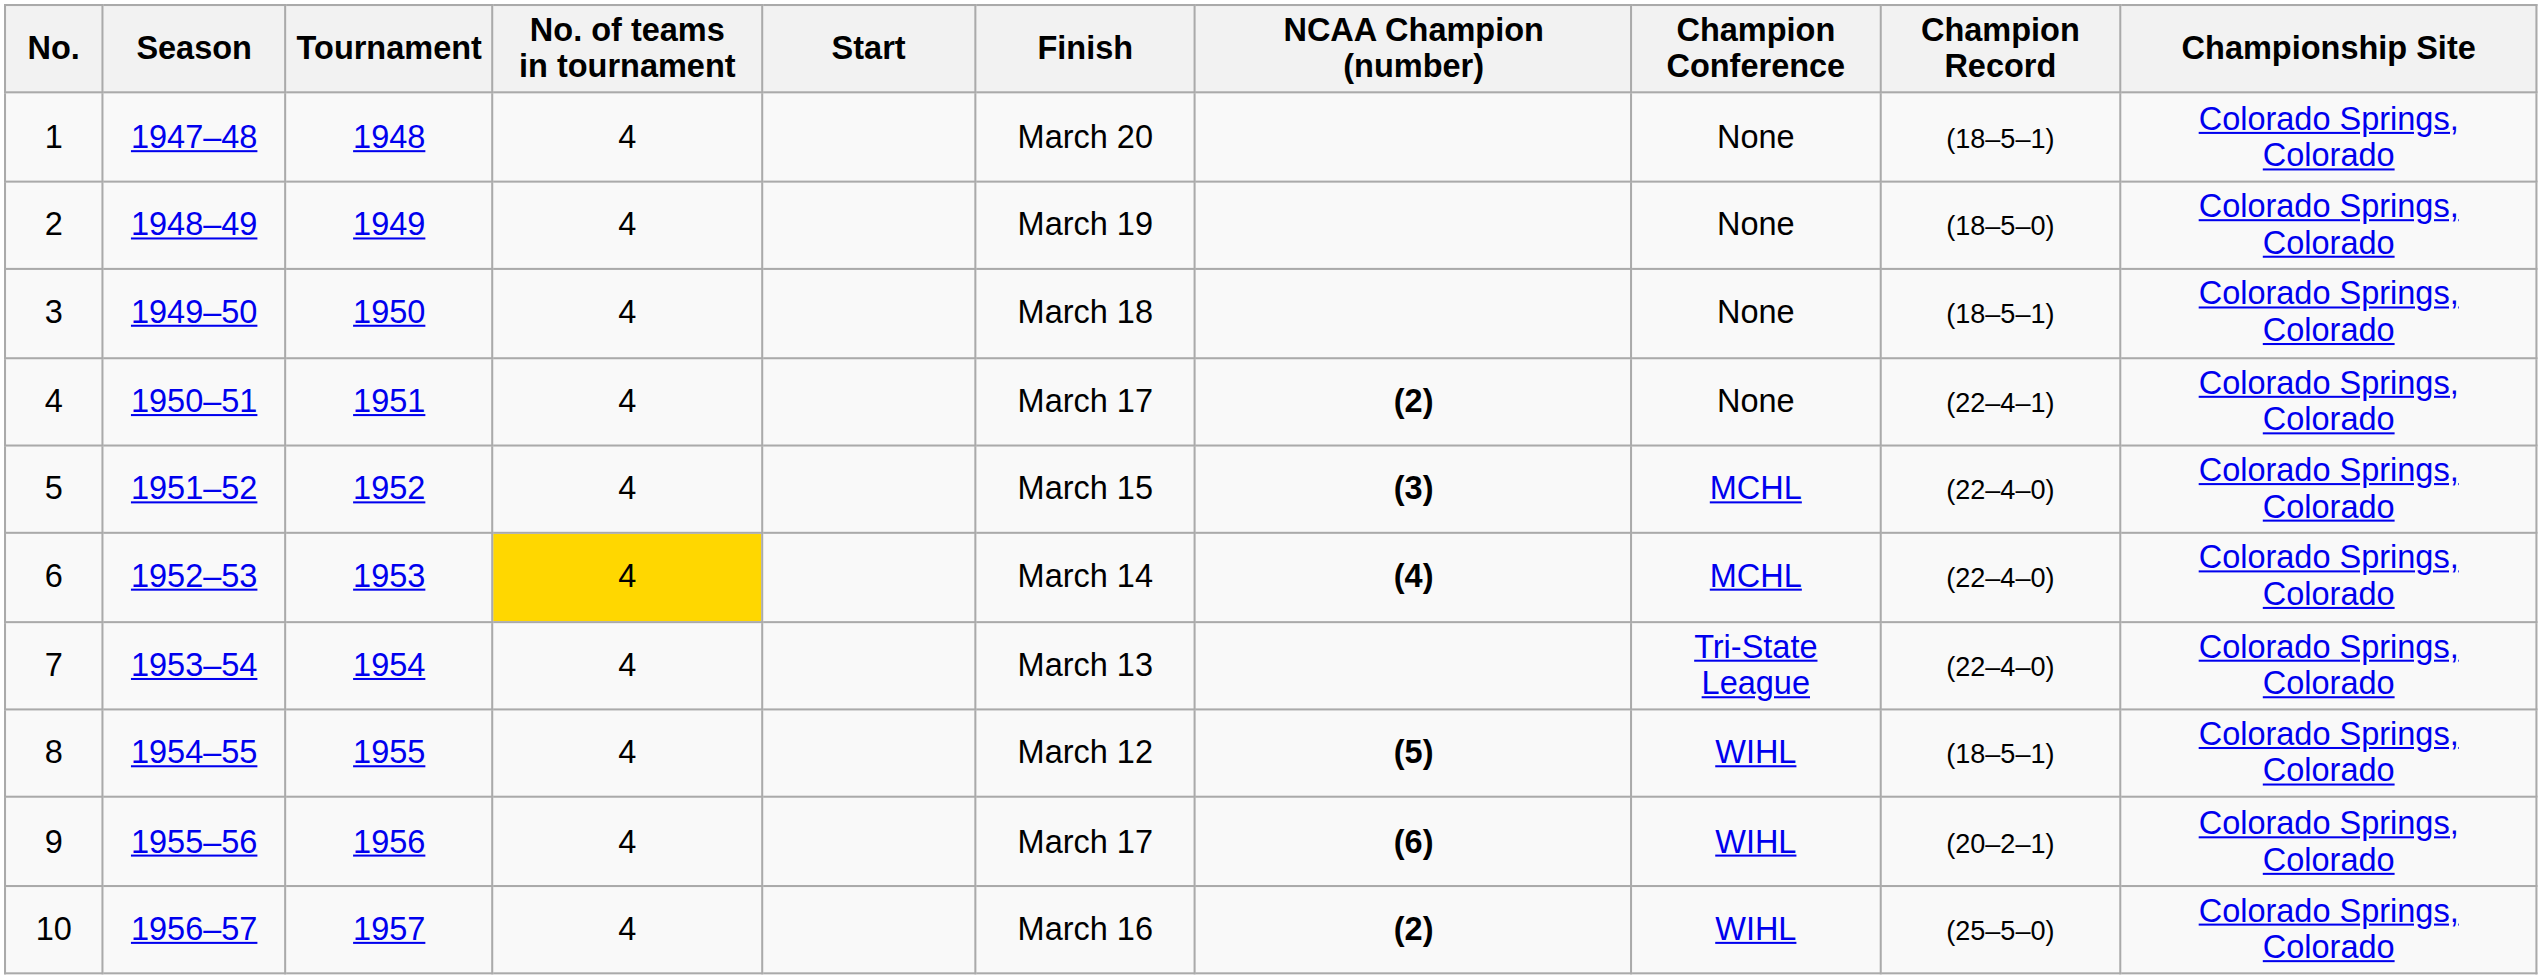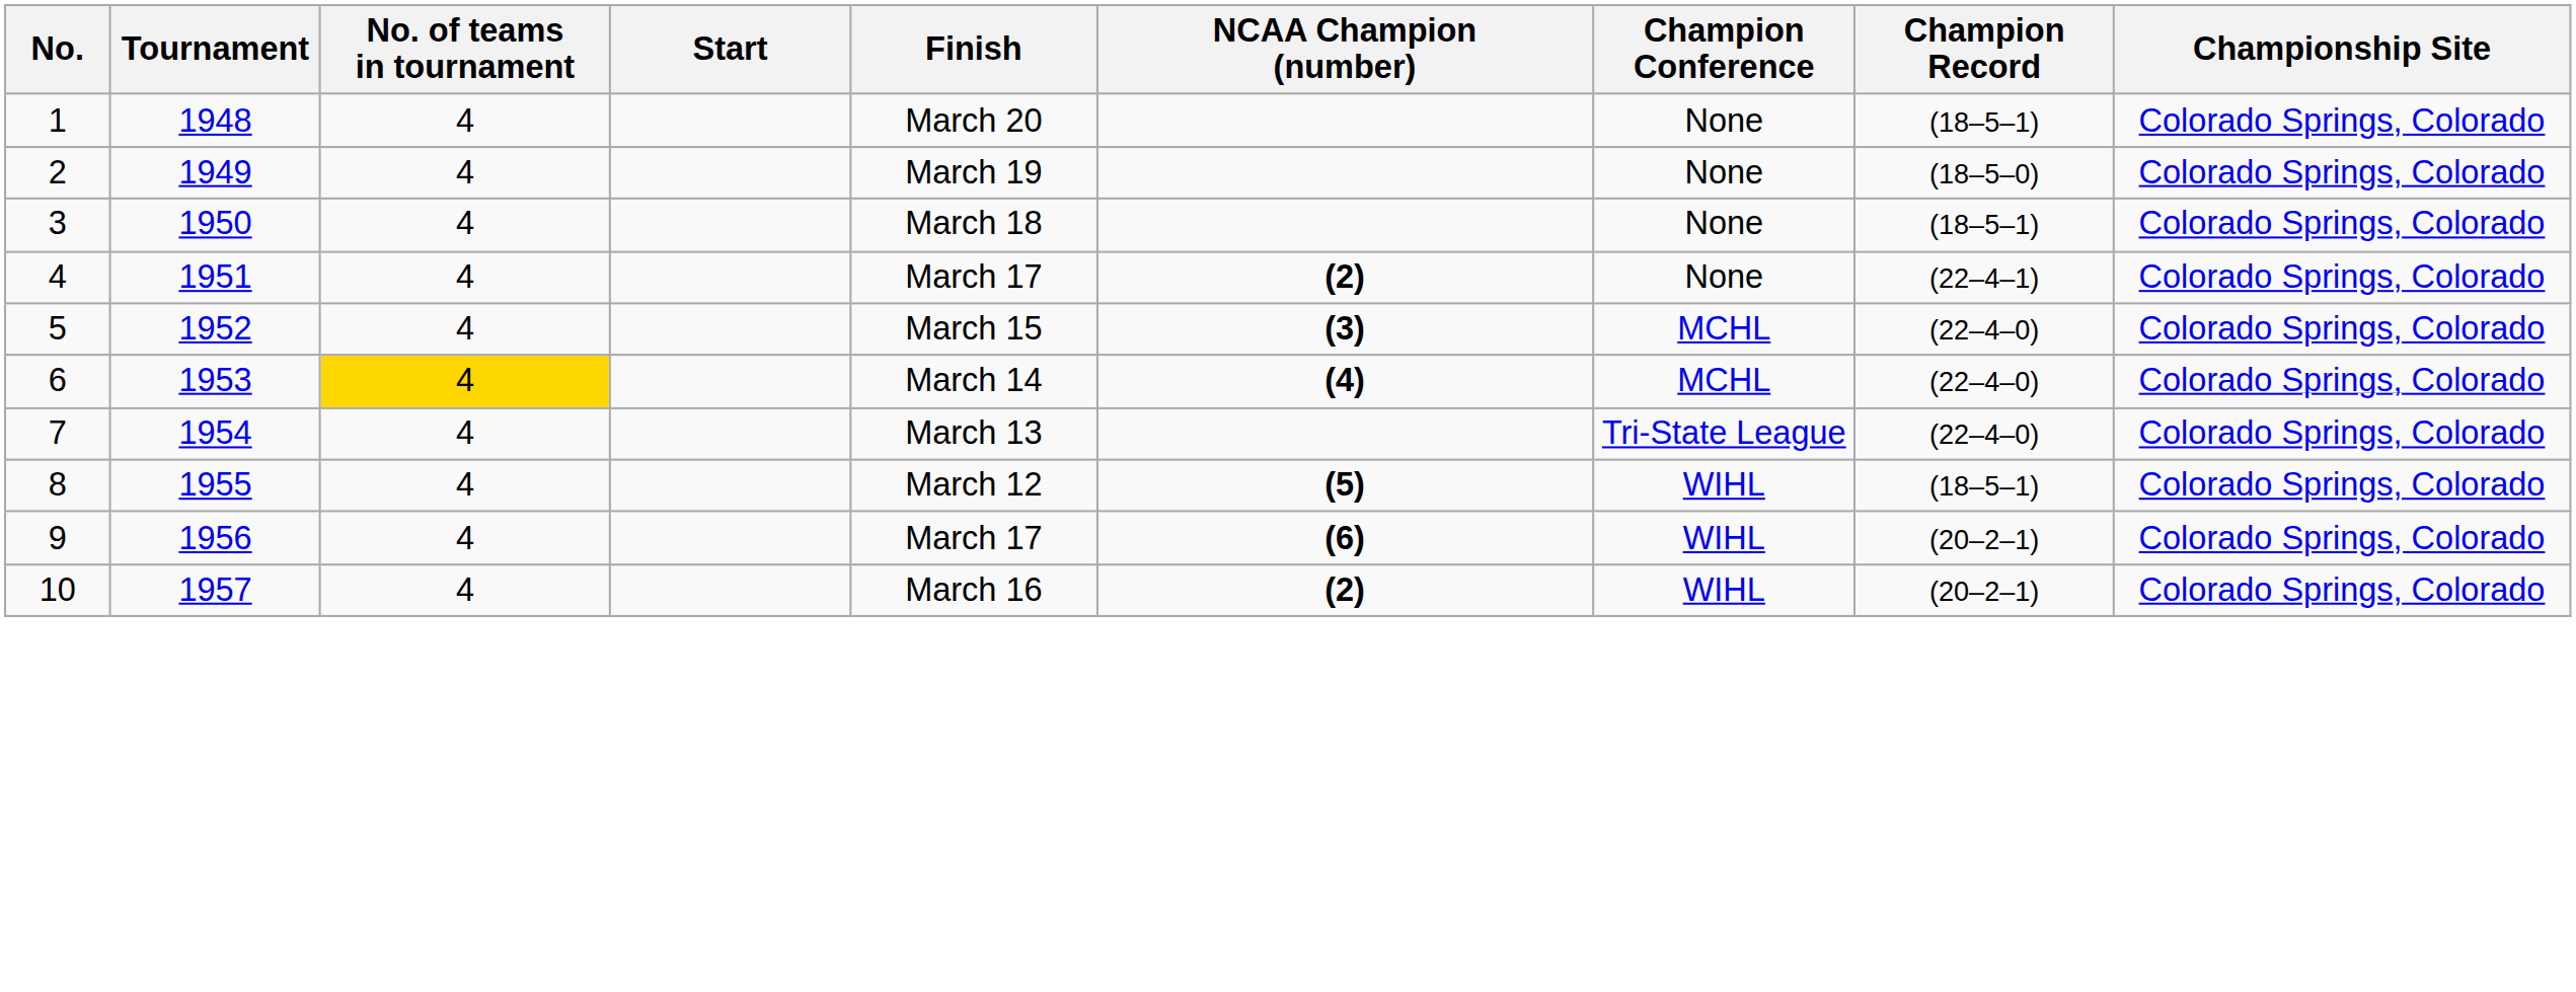 <table class="wikitable">
 <tr>
 <th style="width:3em">No.</th>
-<th style="width:6em">Season</th>
 <th style="width:6em">Tournament</th>
 <th style="width:9em">No. of teams<br>in tournament</th>
 <th style="width:8em">Start</th>
 <th style="width:8em">Finish</th>
 <th style="width:17em">NCAA Champion<br>(number)</th>
 <th style="width:8em">Champion<br>Conference</th>
 <th style="width:8em">Champion<br>Record</th>
 <th style="width:15em">Championship Site</th>
 </tr>
 <tr style="text-align:center;">
 <td>1</td>
-<td><a href='#'>1947–48</a></td>
 <td><a href='#'>1948</a></td>
 <td>4</td>
 <td></td>
 <td>March 20</td>
 <td><strong><a href='#'></a></strong></td>
 <td>None</td>
 <td><small>(18–5–1)</small></td>
 <td><a href='#'>Colorado Springs, Colorado</a></td>
 </tr>
 <tr style="text-align:center;">
 <td>2</td>
-<td><a href='#'>1948–49</a></td>
 <td><a href='#'>1949</a></td>
 <td>4</td>
 <td></td>
 <td>March 19</td>
 <td><strong><a href='#'></a></strong></td>
 <td>None</td>
 <td><small>(18–5–0)</small></td>
 <td><a href='#'>Colorado Springs, Colorado</a></td>
 </tr>
 <tr style="text-align:center;">
 <td>3</td>
-<td><a href='#'>1949–50</a></td>
 <td><a href='#'>1950</a></td>
 <td>4</td>
 <td></td>
 <td>March 18</td>
 <td><strong><a href='#'></a></strong></td>
 <td>None</td>
 <td><small>(18–5–1)</small></td>
 <td><a href='#'>Colorado Springs, Colorado</a></td>
 </tr>
 <tr style="text-align:center;">
 <td>4</td>
-<td><a href='#'>1950–51</a></td>
 <td><a href='#'>1951</a></td>
 <td>4</td>
 <td></td>
 <td>March 17</td>
 <td><strong><a href='#'></a> (2)</strong></td>
 <td>None</td>
 <td><small>(22–4–1)</small></td>
 <td><a href='#'>Colorado Springs, Colorado</a></td>
 </tr>
 <tr style="text-align:center;">
 <td>5</td>
-<td><a href='#'>1951–52</a></td>
 <td><a href='#'>1952</a></td>
 <td>4</td>
 <td></td>
 <td>March 15</td>
 <td><strong><a href='#'></a> (3)</strong></td>
 <td><a href='#'>MCHL</a></td>
 <td><small>(22–4–0)</small></td>
 <td><a href='#'>Colorado Springs, Colorado</a></td>
 </tr>
 <tr style="text-align:center;">
 <td>6</td>
-<td><a href='#'>1952–53</a></td>
 <td><a href='#'>1953</a></td>
 <td style="background: gold;">4</td>
 <td></td>
 <td>March 14</td>
 <td><strong><a href='#'></a> (4)</strong></td>
 <td><a href='#'>MCHL</a></td>
 <td><small>(22–4–0)</small></td>
 <td><a href='#'>Colorado Springs, Colorado</a></td>
 </tr>
 <tr style="text-align:center;">
 <td>7</td>
-<td><a href='#'>1953–54</a></td>
 <td><a href='#'>1954</a></td>
 <td>4</td>
 <td></td>
 <td>March 13</td>
 <td><strong><a href='#'></a></strong></td>
 <td><a href='#'>Tri-State League</a></td>
 <td><small>(22–4–0)</small></td>
 <td><a href='#'>Colorado Springs, Colorado</a></td>
 </tr>
 <tr style="text-align:center;">
 <td>8</td>
-<td><a href='#'>1954–55</a></td>
 <td><a href='#'>1955</a></td>
 <td>4</td>
 <td></td>
 <td>March 12</td>
 <td><strong><a href='#'></a> (5)</strong></td>
 <td><a href='#'>WIHL</a></td>
 <td><small>(18–5–1)</small></td>
 <td><a href='#'>Colorado Springs, Colorado</a></td>
 </tr>
 <tr style="text-align:center;">
 <td>9</td>
-<td><a href='#'>1955–56</a></td>
 <td><a href='#'>1956</a></td>
 <td>4</td>
 <td></td>
 <td>March 17</td>
 <td><strong><a href='#'></a> (6)</strong></td>
 <td><a href='#'>WIHL</a></td>
 <td><small>(20–2–1)</small></td>
 <td><a href='#'>Colorado Springs, Colorado</a></td>
 </tr>
 <tr style="text-align:center;">
 <td>10</td>
-<td><a href='#'>1956–57</a></td>
 <td><a href='#'>1957</a></td>
 <td>4</td>
 <td></td>
 <td>March 16</td>
 <td><strong><a href='#'></a> (2)</strong></td>
 <td><a href='#'>WIHL</a></td>
-<td><small>(25–5–0)</small></td>
+<td><small>(20–2–1)</small></td>
 <td><a href='#'>Colorado Springs, Colorado</a></td>
 </tr>
 </table>
